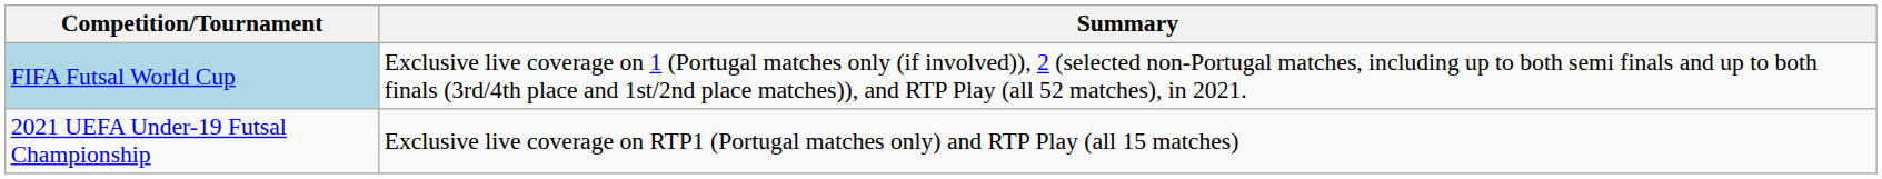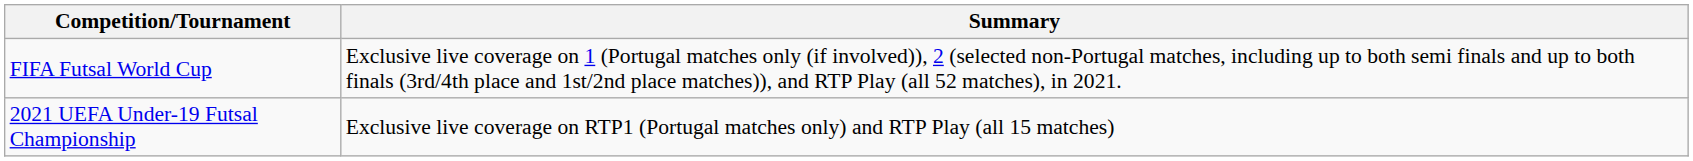 <table class="wikitable">
 <tr>
 <th>Competition/Tournament</th>
 <th>Summary</th>
 </tr>
 <tr>
-<td style="background: lightblue;"><a href='#'>FIFA Futsal World Cup</a></td>
+<td><a href='#'>FIFA Futsal World Cup</a></td>
 <td>Exclusive live coverage on <a href='#'>1</a> (Portugal matches only (if involved)), <a href='#'>2</a> (selected non-Portugal matches, including up to both semi finals and up to both finals (3rd/4th place and 1st/2nd place matches)), and RTP Play (all 52 matches), in 2021.</td>
 </tr>
 <tr>
 <td><a href='#'>2021 UEFA Under-19 Futsal Championship</a></td>
 <td>Exclusive live coverage on RTP1 (Portugal matches only) and RTP Play (all 15 matches)</td>
 </tr>
 </table>
